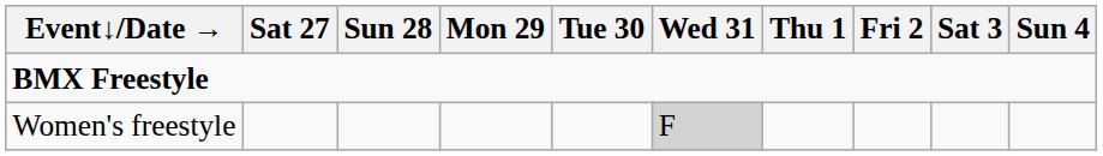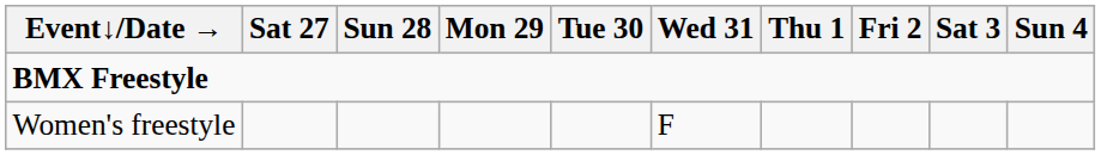 <table class="wikitable olympic-schedule cycling-2024">
 <tr>
 <th>Event↓/Date →</th>
 <th>Sat 27</th>
 <th>Sun 28</th>
 <th>Mon 29</th>
 <th>Tue 30</th>
 <th>Wed 31</th>
 <th colspan=2>Thu 1</th>
 <th colspan=2>Fri 2</th>
 <th>Sat 3</th>
 <th>Sun 4</th>
 </tr>
 <tr>
 <td colspan="12" class="event"><strong>BMX Freestyle</strong></td>
 </tr>
 <tr>
 <td class="event">Women's freestyle</td>
 <td></td>
 <td></td>
 <td></td>
 <td class="heats"></td>
-<td class="final" style="background: lightgrey;">F</td>
+<td class="final">F</td>
 <td colspan=2></td>
 <td colspan=2></td>
 <td></td>
 <td></td>
 </tr>
 </table>
